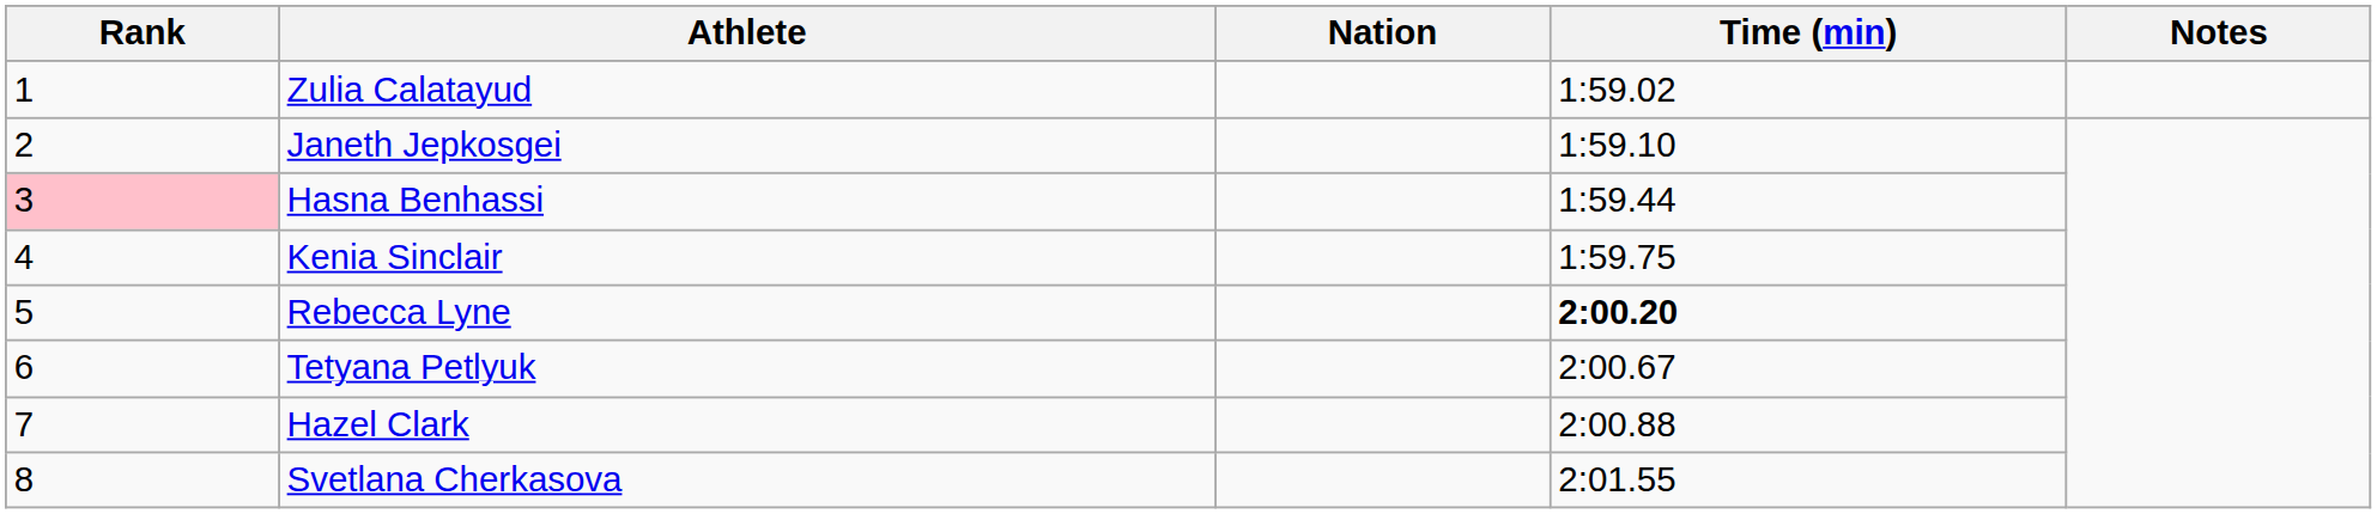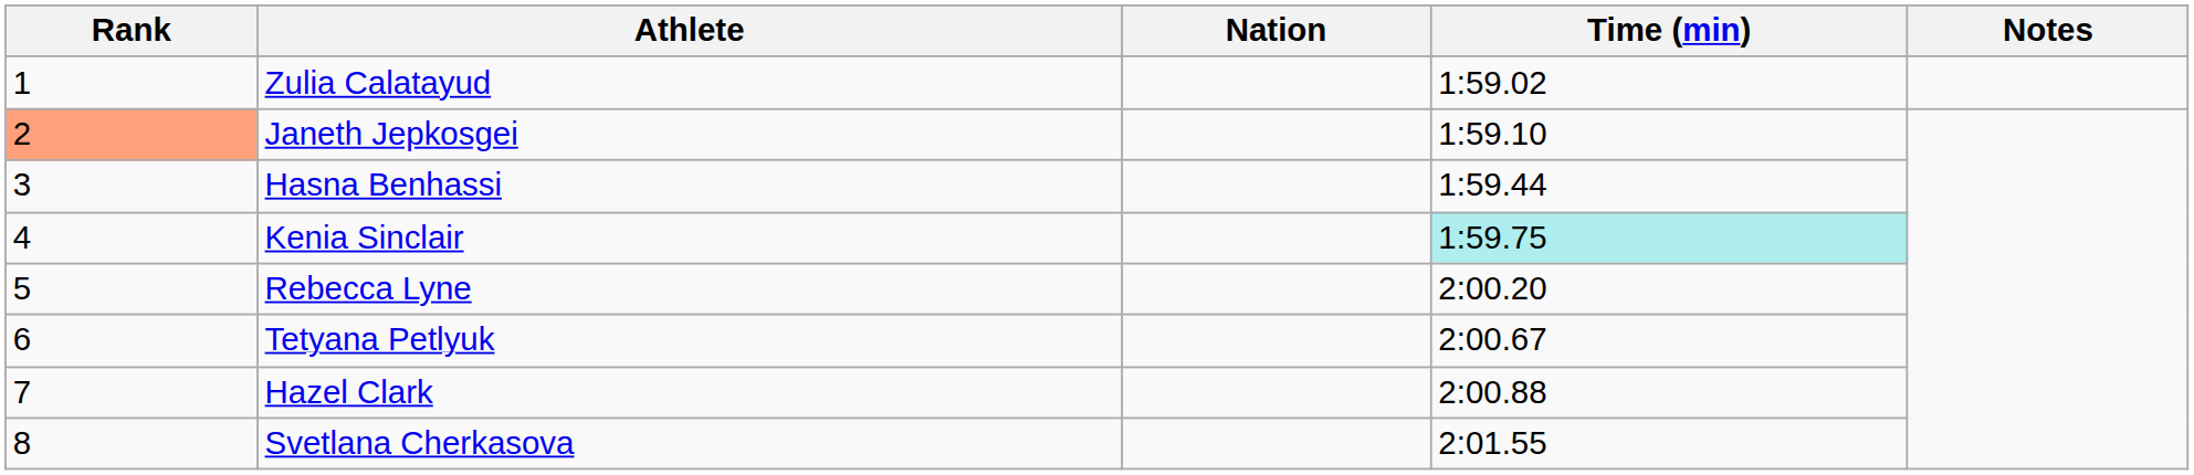 <table class="wikitable" style="text=align:center;" width=85%>
 <tr>
 <th>Rank</th>
 <th>Athlete</th>
 <th>Nation</th>
 <th>Time (<a href='#'>min</a>)</th>
 <th>Notes</th>
 </tr>
 <tr>
 <td>1</td>
 <td><a href='#'>Zulia Calatayud</a></td>
 <td></td>
 <td>1:59.02</td>
 <td></td>
 </tr>
 <tr>
-<td>2</td>
+<td style="background: lightsalmon;">2</td>
 <td><a href='#'>Janeth Jepkosgei</a></td>
 <td></td>
 <td>1:59.10</td>
 </tr>
 <tr>
-<td style="background: pink;">3</td>
+<td>3</td>
 <td><a href='#'>Hasna Benhassi</a></td>
 <td></td>
 <td>1:59.44</td>
 </tr>
 <tr>
 <td>4</td>
 <td><a href='#'>Kenia Sinclair</a></td>
 <td></td>
-<td>1:59.75</td>
+<td style="background: paleturquoise;">1:59.75</td>
 </tr>
 <tr>
 <td>5</td>
 <td><a href='#'>Rebecca Lyne</a></td>
 <td></td>
-<td><strong>2:00.20</strong></td>
+<td>2:00.20</td>
 </tr>
 <tr>
 <td>6</td>
 <td><a href='#'>Tetyana Petlyuk</a></td>
 <td></td>
 <td>2:00.67</td>
 </tr>
 <tr>
 <td>7</td>
 <td><a href='#'>Hazel Clark</a></td>
 <td></td>
 <td>2:00.88</td>
 </tr>
 <tr>
 <td>8</td>
 <td><a href='#'>Svetlana Cherkasova</a></td>
 <td></td>
 <td>2:01.55</td>
 </tr>
 </table>
